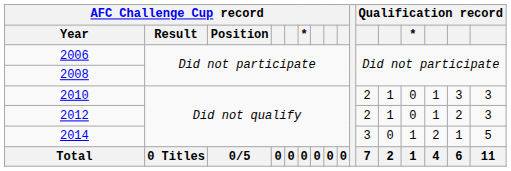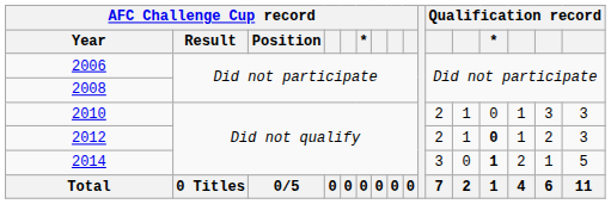 <table class="wikitable" style="text-align: center;font-size:90%;">
 <tr>
 <th colspan=9><a href='#'>AFC Challenge Cup</a> record</th>
 <th rowspan="19"></th>
 <th colspan=6>Qualification record</th>
 </tr>
 <tr>
 <th width=130>Year</th>
 <th>Result</th>
 <th>Position</th>
 <th></th>
 <th></th>
 <th>*</th>
 <th></th>
 <th></th>
 <th></th>
 <th></th>
 <th></th>
 <th>*</th>
 <th></th>
 <th></th>
 <th></th>
 </tr>
 <tr>
 <td> <a href='#'>2006</a></td>
 <td rowspan=2 colspan=8><em>Did not participate</em></td>
 <td rowspan=2 colspan=6><em>Did not participate</em></td>
 </tr>
 <tr>
 <td> <a href='#'>2008</a></td>
 </tr>
 <tr>
 <td> <a href='#'>2010</a></td>
 <td rowspan=3 colspan=8><em>Did not qualify</em></td>
 <td>2</td>
 <td>1</td>
 <td>0</td>
 <td>1</td>
 <td>3</td>
 <td>3</td>
 </tr>
 <tr>
 <td> <a href='#'>2012</a></td>
 <td>2</td>
 <td>1</td>
-<td>0</td>
+<td><strong>0</strong></td>
 <td>1</td>
 <td>2</td>
 <td>3</td>
 </tr>
 <tr>
 <td> <a href='#'>2014</a></td>
 <td>3</td>
 <td>0</td>
-<td>1</td>
+<td><strong>1</strong></td>
 <td>2</td>
 <td>1</td>
 <td>5</td>
 </tr>
 <tr>
 <th><strong>Total</strong></th>
 <th><strong>0 Titles</strong></th>
 <th><strong>0/5</strong></th>
 <th>0</th>
 <th>0</th>
 <th>0</th>
 <th>0</th>
 <th>0</th>
 <th>0</th>
 <th>7</th>
 <th>2</th>
 <th>1</th>
 <th>4</th>
 <th>6</th>
 <th>11</th>
 </tr>
 </table>
